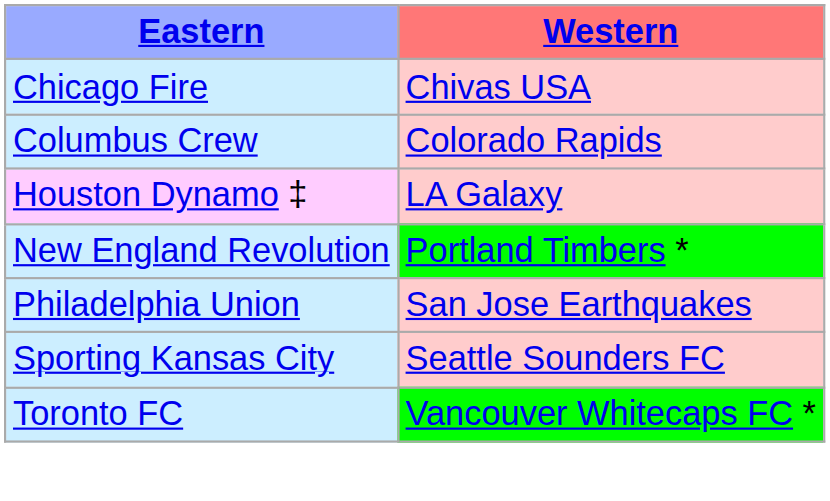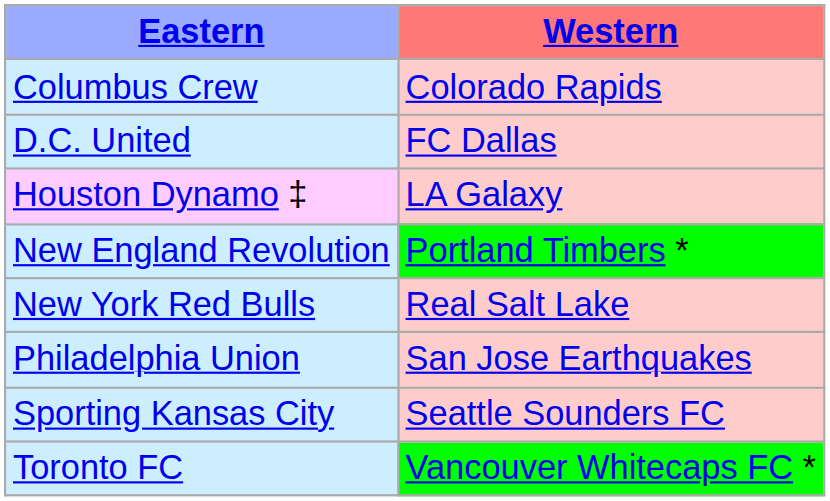 <table class="wikitable">
 <tr>
 <th style="background-color: #9AF;"><a href='#'>Eastern</a></th>
 <th style="background-color: #F77;"><a href='#'>Western</a></th>
 </tr>
 <tr>
-<td style="background-color: #CEF;"><a href='#'>Chicago Fire</a></td>
-<td style="background-color: #FCC;"><a href='#'>Chivas USA</a></td>
+<td style="background-color: #CEF;"><a href='#'>Columbus Crew</a></td>
+<td style="background-color: #FCC;"><a href='#'>Colorado Rapids</a></td>
 </tr>
 <tr>
-<td style="background-color: #CEF;"><a href='#'>Columbus Crew</a></td>
-<td style="background-color: #FCC;"><a href='#'>Colorado Rapids</a></td>
+<td style="background-color: #CEF;"><a href='#'>D.C. United</a></td>
+<td style="background-color: #FCC;"><a href='#'>FC Dallas</a></td>
 </tr>
 <tr>
 <td style="background-color: #FCF;"><a href='#'>Houston Dynamo</a> ‡</td>
 <td style="background-color: #FCC;"><a href='#'>LA Galaxy</a></td>
 </tr>
 <tr>
 <td style="background-color: #CEF;"><a href='#'>New England Revolution</a></td>
 <td style="background-color: #0F0;"><a href='#'>Portland Timbers</a> *</td>
+</tr>
+<tr>
+<td style="background-color: #CEF;"><a href='#'>New York Red Bulls</a></td>
+<td style="background-color: #FCC;"><a href='#'>Real Salt Lake</a></td>
 </tr>
 <tr>
 <td style="background-color: #CEF;"><a href='#'>Philadelphia Union</a></td>
 <td style="background-color: #FCC;"><a href='#'>San Jose Earthquakes</a></td>
 </tr>
 <tr>
 <td style="background-color: #CEF;"><a href='#'>Sporting Kansas City</a></td>
 <td style="background-color: #FCC;"><a href='#'>Seattle Sounders FC</a></td>
 </tr>
 <tr>
 <td style="background-color: #CEF;"><a href='#'>Toronto FC</a></td>
 <td style="background-color: #0F0;"><a href='#'>Vancouver Whitecaps FC</a> *</td>
 </tr>
 </table>
